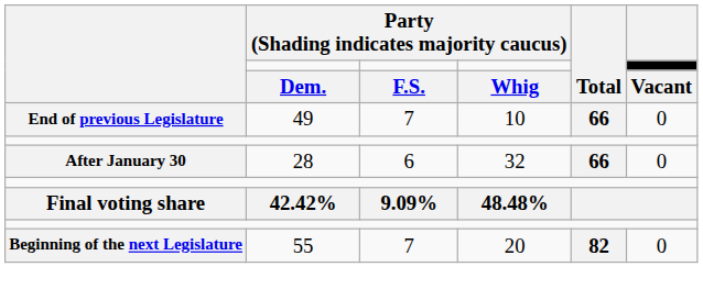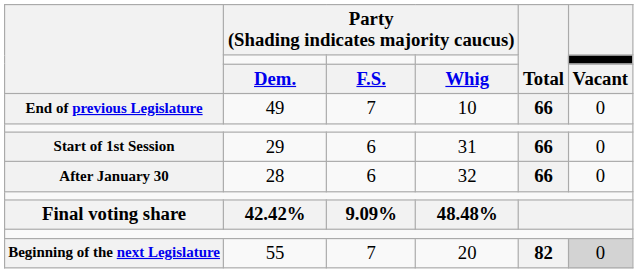 <table class=wikitable style="text-align:center">
 <tr style="vertical-align:bottom;">
 <th rowspan=3></th>
 <th colspan=3>Party <div>(Shading indicates majority caucus)</div></th>
 <th rowspan=3>Total</th>
 <th></th>
 </tr>
 <tr style="height:5px">
 <td style="background-color:"></td>
 <td style="background-color:"></td>
 <td style="background-color:"></td>
 <td style="background:black;"></td>
 </tr>
 <tr>
 <th><a href='#'>Dem.</a></th>
 <th><a href='#'>F.S.</a></th>
 <th><a href='#'>Whig</a></th>
 <th>Vacant</th>
 </tr>
 <tr>
 <th style="font-size:80%;">End of <a href='#'>previous Legislature</a></th>
 <td>49</td>
 <td>7</td>
 <td>10</td>
 <th>66</th>
 <td>0</td>
 </tr>
 <tr>
 <td colspan=6></td>
 </tr>
 <tr>
+<th style="font-size:80%;">Start of 1st Session</th>
+<td>29</td>
+<td>6</td>
+<td>31</td>
+<th>66</th>
+<td>0</td>
+</tr>
+<tr>
 <th style="font-size:80%;">After January 30</th>
 <td>28</td>
 <td>6</td>
 <td>32</td>
 <th>66</th>
 <td>0</td>
 </tr>
 <tr>
 <td colspan=6></td>
 </tr>
 <tr>
 <th>Final voting share</th>
 <th>42.42%</th>
 <th>9.09%</th>
 <th>48.48%</th>
 <th colspan=2></th>
 </tr>
 <tr>
 <td colspan=6></td>
 </tr>
 <tr>
 <th style="font-size:80%;">Beginning of the <a href='#'>next Legislature</a></th>
 <td>55</td>
 <td>7</td>
 <td>20</td>
 <th>82</th>
-<td>0</td>
+<td style="background: lightgrey;">0</td>
 </tr>
 </table>
